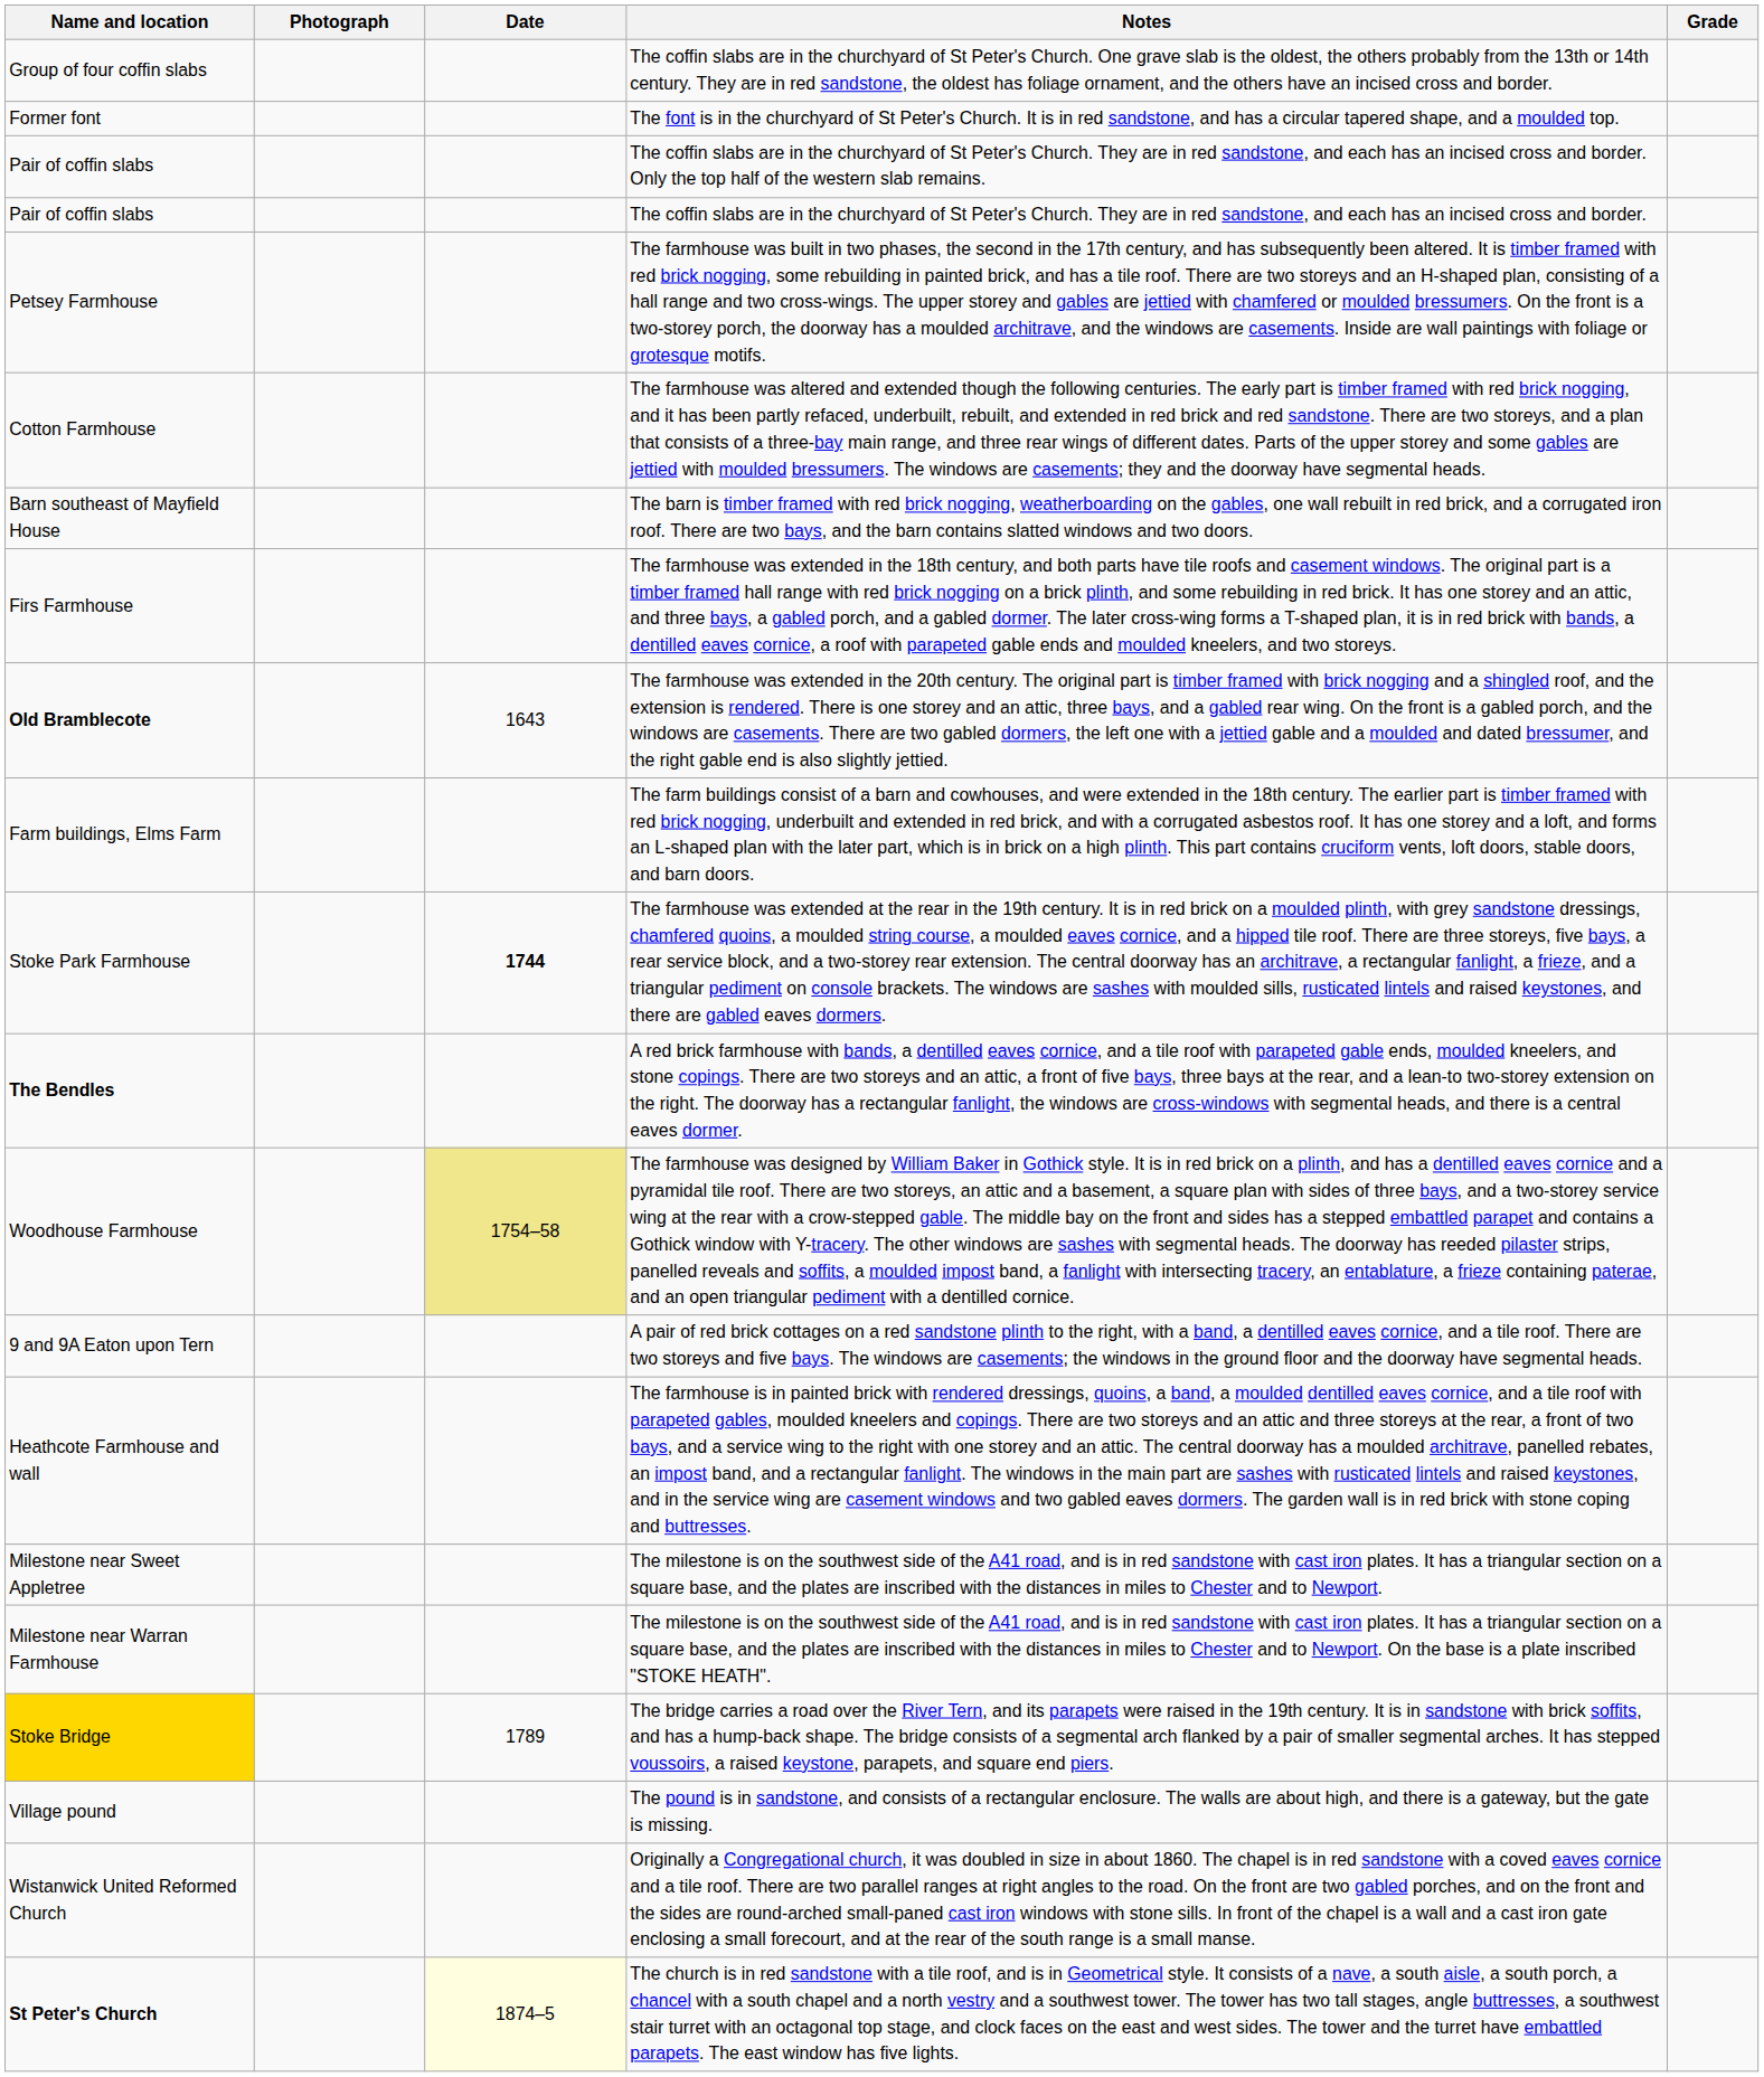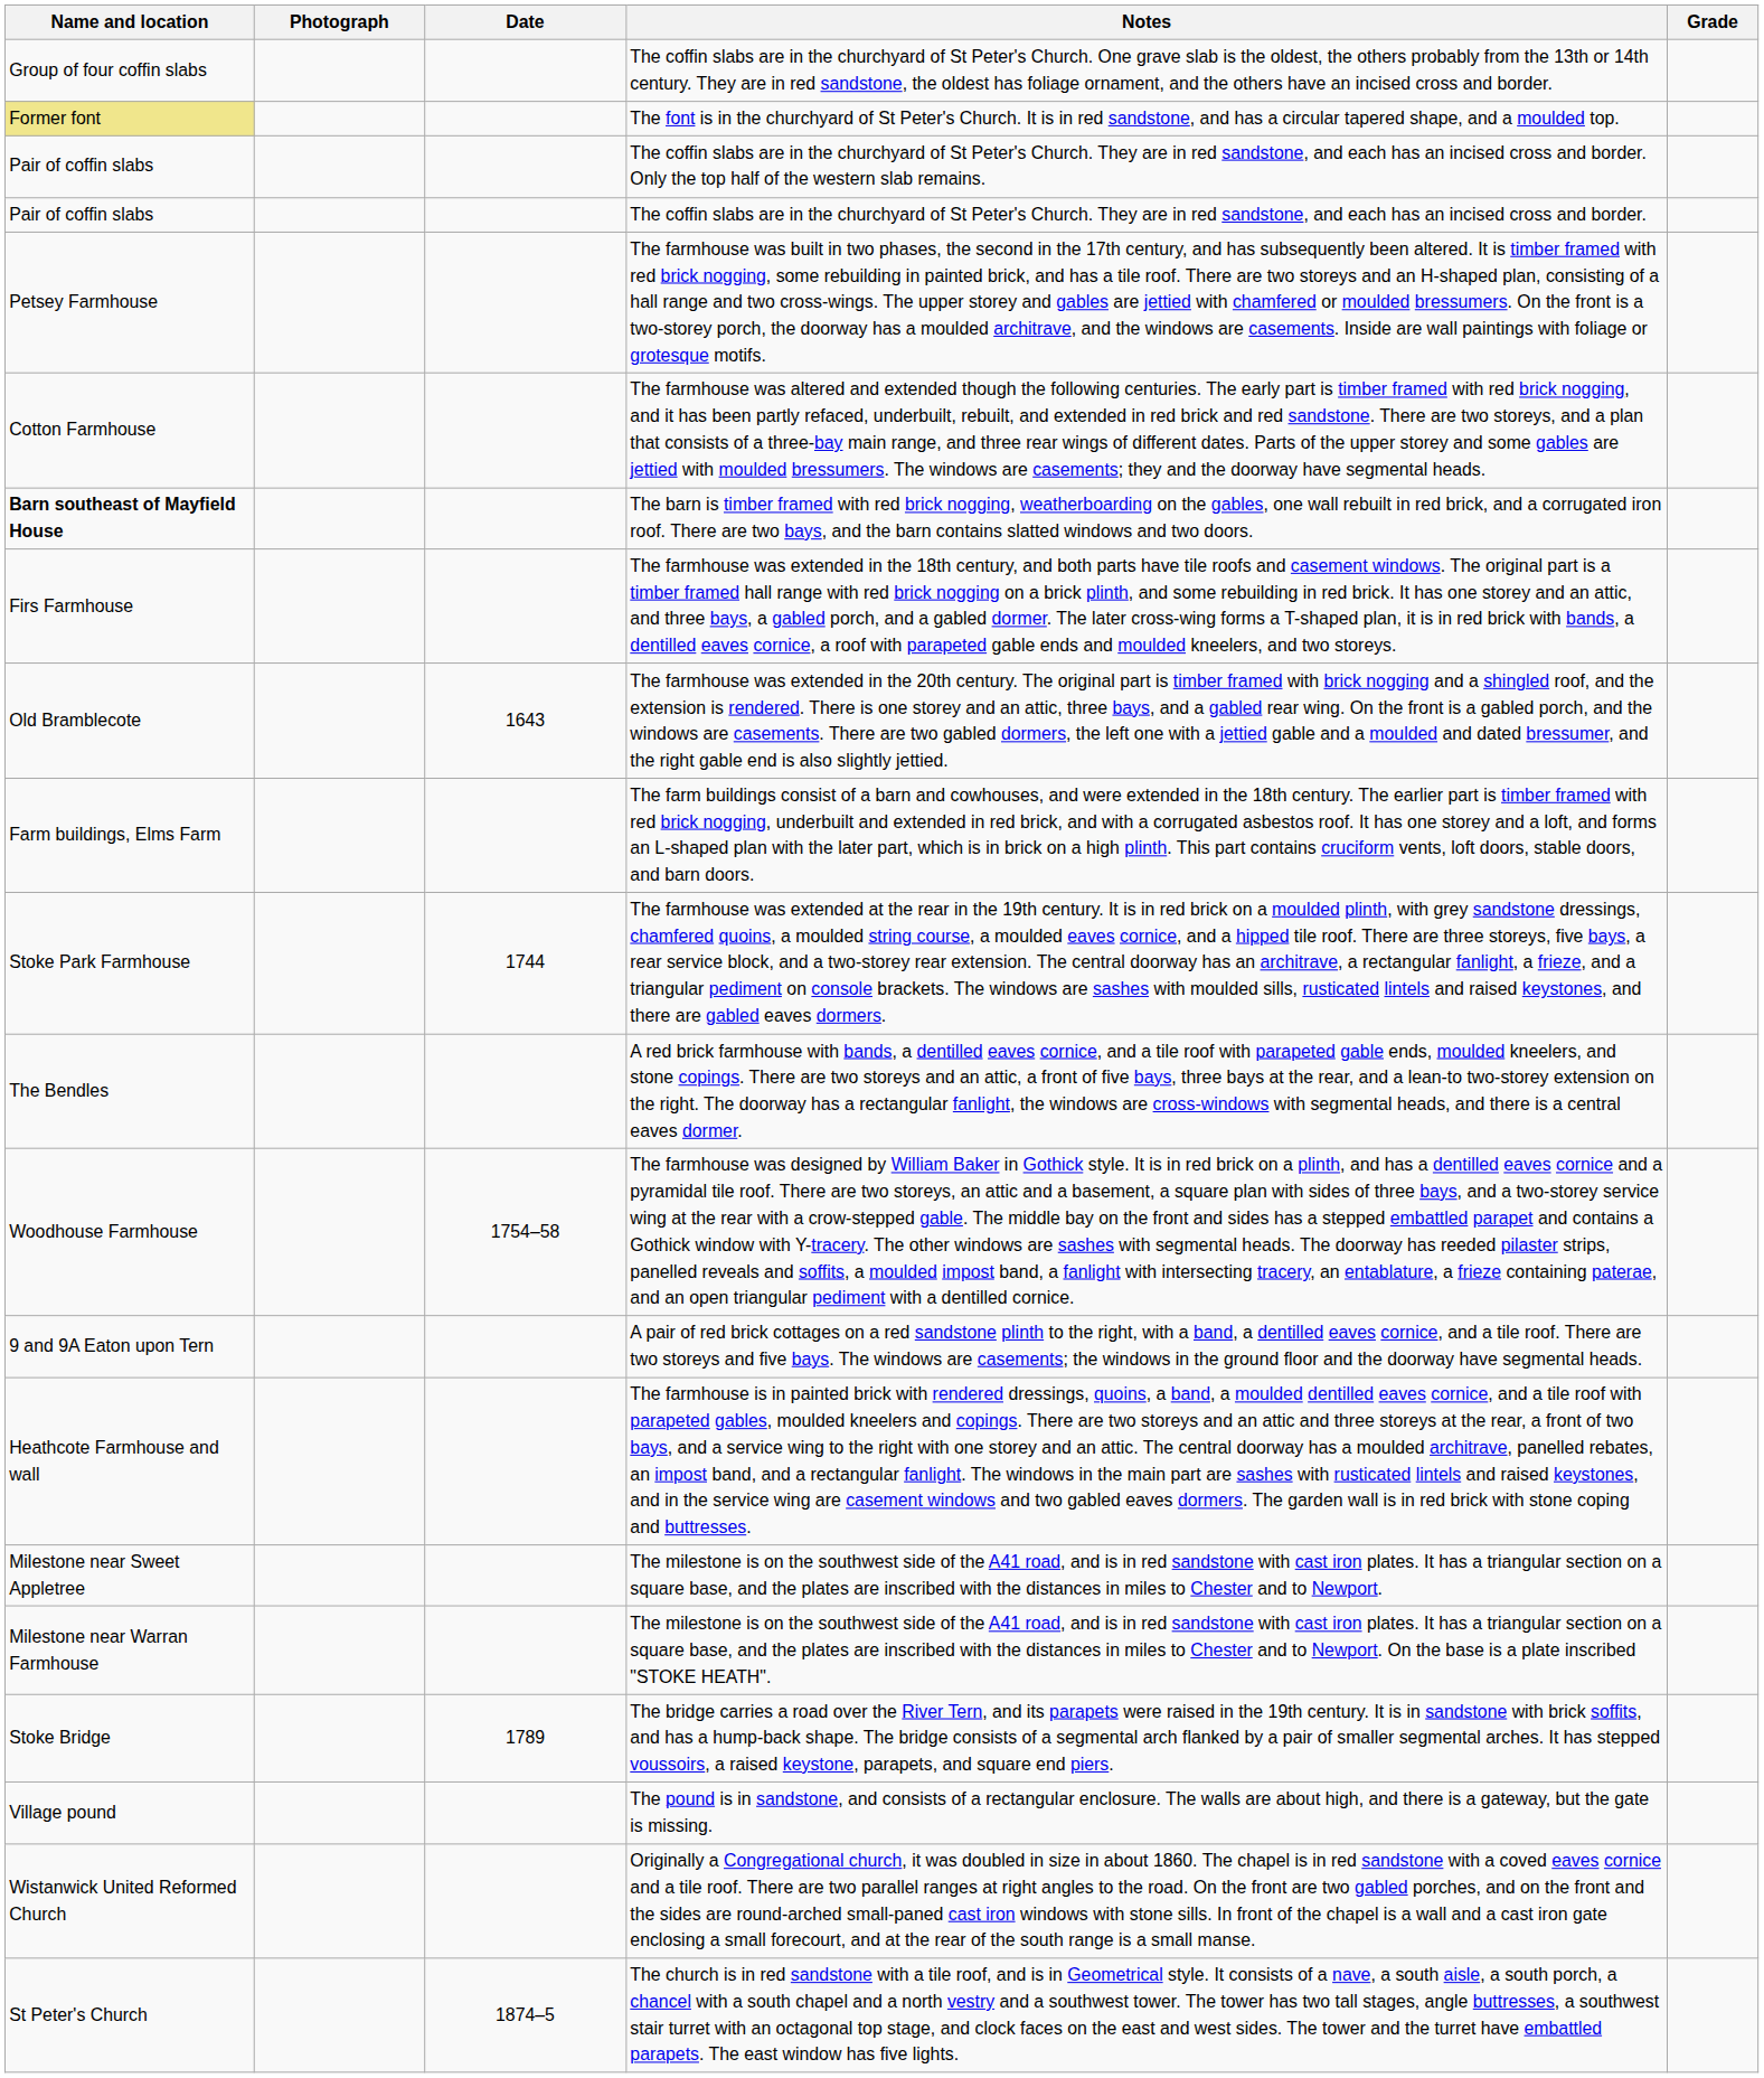 <table class="wikitable sortable plainrowheaders" style="width:100%; border:0; text-align:left; line-height:150%;">
 <tr>
 <th scope="col"  style="width:150px">Name and location</th>
 <th scope="col"  style="width:100px" class="unsortable">Photograph</th>
 <th scope="col"  style="width:120px">Date</th>
 <th scope="col"  style="width:650px" class="unsortable">Notes</th>
 <th scope="col"  style="width:50px">Grade</th>
 </tr>
 <tr>
 <td>Group of four coffin slabs<br><small></small></td>
 <td></td>
 <td align="center"></td>
 <td>The coffin slabs are in the churchyard of St Peter's Church.  One grave slab is the oldest, the others probably from the 13th or 14th century.  They are in red <a href='#'>sandstone</a>, the oldest has foliage ornament, and the others have an incised cross and border.</td>
 <td align="center" ></td>
 </tr>
 <tr>
-<td>Former font<br><small></small></td>
+<td style="background: khaki;">Former font<br><small></small></td>
 <td></td>
 <td align="center"></td>
 <td>The <a href='#'>font</a> is in the churchyard of St Peter's Church.  It is in red <a href='#'>sandstone</a>, and has a circular tapered shape, and a <a href='#'>moulded</a> top.</td>
 <td align="center" ></td>
 </tr>
 <tr>
 <td>Pair of coffin slabs<br><small></small></td>
 <td></td>
 <td align="center"></td>
 <td>The coffin slabs are in the churchyard of St Peter's Church.  They are in red <a href='#'>sandstone</a>, and each has an incised cross and border.  Only the top half of the western slab remains.</td>
 <td align="center" ></td>
 </tr>
 <tr>
 <td>Pair of coffin slabs<br><small></small></td>
 <td></td>
 <td align="center"></td>
 <td>The coffin slabs are in the churchyard of St Peter's Church.  They are in red <a href='#'>sandstone</a>, and each has an incised cross and border.</td>
 <td align="center" ></td>
 </tr>
 <tr>
 <td>Petsey Farmhouse<br><small></small></td>
 <td></td>
 <td align="center"></td>
 <td>The farmhouse was built in two phases, the second in the 17th century, and has subsequently been altered.  It is <a href='#'>timber framed</a> with red <a href='#'>brick nogging</a>, some rebuilding in painted brick, and has a tile roof.  There are two storeys and an H-shaped plan, consisting of a hall range and two cross-wings.  The upper storey and <a href='#'>gables</a> are <a href='#'>jettied</a> with <a href='#'>chamfered</a> or <a href='#'>moulded</a> <a href='#'>bressumers</a>.  On the front is a two-storey porch, the doorway has a moulded <a href='#'>architrave</a>, and the windows are <a href='#'>casements</a>.  Inside are wall paintings with foliage or <a href='#'>grotesque</a> motifs.</td>
 <td align="center" ></td>
 </tr>
 <tr>
 <td>Cotton Farmhouse<br><small></small></td>
 <td></td>
 <td align="center"></td>
 <td>The farmhouse was altered and extended though the following centuries.  The early part is <a href='#'>timber framed</a> with red <a href='#'>brick nogging</a>, and it has been partly refaced, underbuilt, rebuilt, and extended in red brick and red <a href='#'>sandstone</a>.  There are two storeys, and a plan that consists of a three-<a href='#'>bay</a> main range, and three rear wings of different dates.  Parts of the upper storey and some <a href='#'>gables</a> are <a href='#'>jettied</a> with <a href='#'>moulded</a> <a href='#'>bressumers</a>.  The windows are <a href='#'>casements</a>; they and the doorway have segmental heads.</td>
 <td align="center" ></td>
 </tr>
 <tr>
-<td>Barn southeast of Mayfield House<br><small></small></td>
+<td><strong>Barn southeast of Mayfield House<br><small></small></strong></td>
 <td></td>
 <td align="center"></td>
 <td>The barn is <a href='#'>timber framed</a> with red <a href='#'>brick nogging</a>, <a href='#'>weatherboarding</a> on the <a href='#'>gables</a>, one wall rebuilt in red brick, and a corrugated iron roof.  There are two <a href='#'>bays</a>, and the barn contains slatted windows and two doors.</td>
 <td align="center" ></td>
 </tr>
 <tr>
 <td>Firs Farmhouse<br><small></small></td>
 <td></td>
 <td align="center"></td>
 <td>The farmhouse was extended in the 18th century, and both parts have tile roofs and <a href='#'>casement windows</a>.  The original part is a <a href='#'>timber framed</a> hall range with red <a href='#'>brick nogging</a> on a brick <a href='#'>plinth</a>, and some rebuilding in red brick.  It has one storey and an attic, and three <a href='#'>bays</a>, a <a href='#'>gabled</a> porch, and a gabled <a href='#'>dormer</a>.  The later cross-wing forms a T-shaped plan, it is in red brick with <a href='#'>bands</a>, a <a href='#'>dentilled</a> <a href='#'>eaves</a> <a href='#'>cornice</a>, a roof with <a href='#'>parapeted</a> gable ends and <a href='#'>moulded</a> kneelers, and two storeys.</td>
 <td align="center" ></td>
 </tr>
 <tr>
-<td><strong>Old Bramblecote<br><small></small></strong></td>
+<td>Old Bramblecote<br><small></small></td>
 <td></td>
 <td align="center">1643</td>
 <td>The farmhouse was extended in the 20th century.  The original part is <a href='#'>timber framed</a> with <a href='#'>brick nogging</a> and a <a href='#'>shingled</a> roof, and the extension is <a href='#'>rendered</a>.  There is one storey and an attic, three <a href='#'>bays</a>, and a <a href='#'>gabled</a> rear wing.  On the front is a gabled porch, and the windows are <a href='#'>casements</a>.  There are two gabled <a href='#'>dormers</a>, the left one with a <a href='#'>jettied</a> gable and a <a href='#'>moulded</a> and dated <a href='#'>bressumer</a>, and the right gable end is also slightly jettied.</td>
 <td align="center" ></td>
 </tr>
 <tr>
 <td>Farm buildings, Elms Farm<br><small></small></td>
 <td></td>
 <td align="center"></td>
 <td>The farm buildings consist of a barn and cowhouses, and were extended in the 18th century.  The earlier part is <a href='#'>timber framed</a> with red <a href='#'>brick nogging</a>, underbuilt and extended in red brick, and with a corrugated asbestos roof.  It has one storey and a loft, and forms an L-shaped plan with the later part, which is in brick on a high <a href='#'>plinth</a>.  This part contains <a href='#'>cruciform</a> vents, loft doors, stable doors, and barn doors.</td>
 <td align="center" ></td>
 </tr>
 <tr>
 <td>Stoke Park Farmhouse<br><small></small></td>
 <td></td>
-<td align="center"><strong>1744</strong></td>
+<td align="center">1744</td>
 <td>The farmhouse was extended at the rear in the 19th century.  It is in red brick on a <a href='#'>moulded</a> <a href='#'>plinth</a>, with grey <a href='#'>sandstone</a> dressings, <a href='#'>chamfered</a> <a href='#'>quoins</a>, a moulded <a href='#'>string course</a>, a moulded <a href='#'>eaves</a> <a href='#'>cornice</a>, and a <a href='#'>hipped</a> tile roof.  There are three storeys, five <a href='#'>bays</a>, a rear service block, and a two-storey rear extension.  The central doorway has an <a href='#'>architrave</a>, a rectangular <a href='#'>fanlight</a>, a <a href='#'>frieze</a>, and a triangular <a href='#'>pediment</a> on <a href='#'>console</a> brackets.  The windows are <a href='#'>sashes</a> with moulded sills, <a href='#'>rusticated</a> <a href='#'>lintels</a> and raised <a href='#'>keystones</a>, and there are <a href='#'>gabled</a> eaves <a href='#'>dormers</a>.</td>
 <td align="center" ></td>
 </tr>
 <tr>
-<td><strong>The Bendles<br><small></small></strong></td>
+<td>The Bendles<br><small></small></td>
 <td></td>
 <td align="center"></td>
 <td>A red brick farmhouse with <a href='#'>bands</a>, a <a href='#'>dentilled</a> <a href='#'>eaves</a> <a href='#'>cornice</a>, and a tile roof with <a href='#'>parapeted</a> <a href='#'>gable</a> ends, <a href='#'>moulded</a> kneelers, and stone <a href='#'>copings</a>.  There are two storeys and an attic, a front of five <a href='#'>bays</a>, three bays at the rear, and a lean-to two-storey extension on the right.  The doorway has a rectangular <a href='#'>fanlight</a>, the windows are <a href='#'>cross-windows</a> with segmental heads, and there is a central eaves <a href='#'>dormer</a>.</td>
 <td align="center" ></td>
 </tr>
 <tr>
 <td>Woodhouse Farmhouse<br><small></small></td>
 <td></td>
-<td align="center" style="background: khaki;">1754–58</td>
+<td align="center">1754–58</td>
 <td>The farmhouse was designed by <a href='#'>William Baker</a> in <a href='#'>Gothick</a> style.  It is in red brick on a <a href='#'>plinth</a>, and has a <a href='#'>dentilled</a> <a href='#'>eaves</a> <a href='#'>cornice</a> and a pyramidal tile roof.  There are two storeys, an attic and a basement, a square plan with sides of three <a href='#'>bays</a>, and a two-storey service wing at the rear with a crow-stepped <a href='#'>gable</a>.  The middle bay on the front and sides has a stepped <a href='#'>embattled</a> <a href='#'>parapet</a> and contains a Gothick window with Y-<a href='#'>tracery</a>.  The other windows are <a href='#'>sashes</a> with segmental heads.  The doorway has reeded <a href='#'>pilaster</a> strips, panelled reveals and <a href='#'>soffits</a>, a <a href='#'>moulded</a> <a href='#'>impost</a> band, a <a href='#'>fanlight</a> with intersecting <a href='#'>tracery</a>, an <a href='#'>entablature</a>, a <a href='#'>frieze</a> containing <a href='#'>paterae</a>, and an open triangular <a href='#'>pediment</a> with a dentilled cornice.</td>
 <td align="center" ></td>
 </tr>
 <tr>
 <td>9 and 9A Eaton upon Tern<br><small></small></td>
 <td></td>
 <td align="center"></td>
 <td>A pair of red brick cottages on a red <a href='#'>sandstone</a> <a href='#'>plinth</a> to the right, with a <a href='#'>band</a>, a <a href='#'>dentilled</a> <a href='#'>eaves</a> <a href='#'>cornice</a>, and a tile roof.  There are two storeys and five <a href='#'>bays</a>.  The windows are <a href='#'>casements</a>; the windows in the ground floor and the doorway have segmental heads.</td>
 <td align="center" ></td>
 </tr>
 <tr>
 <td>Heathcote Farmhouse and wall<br><small></small></td>
 <td></td>
 <td align="center"></td>
 <td>The farmhouse is in painted brick with <a href='#'>rendered</a> dressings, <a href='#'>quoins</a>, a <a href='#'>band</a>, a <a href='#'>moulded</a> <a href='#'>dentilled</a> <a href='#'>eaves</a> <a href='#'>cornice</a>, and a tile roof with <a href='#'>parapeted</a> <a href='#'>gables</a>, moulded kneelers and <a href='#'>copings</a>.  There are two storeys and an attic and three storeys at the rear, a front of two <a href='#'>bays</a>, and a service wing to the right with one storey and an attic.  The central doorway has a moulded <a href='#'>architrave</a>, panelled rebates, an <a href='#'>impost</a> band, and a rectangular <a href='#'>fanlight</a>.  The windows in the main part are <a href='#'>sashes</a> with <a href='#'>rusticated</a> <a href='#'>lintels</a> and raised <a href='#'>keystones</a>, and in the service wing are <a href='#'>casement windows</a> and two gabled eaves <a href='#'>dormers</a>.  The garden wall is in red brick with stone coping and <a href='#'>buttresses</a>.</td>
 <td align="center" ></td>
 </tr>
 <tr>
 <td>Milestone near Sweet Appletree<br><small></small></td>
 <td></td>
 <td align="center"></td>
 <td>The milestone is on the southwest side of the <a href='#'>A41 road</a>, and is in red <a href='#'>sandstone</a> with <a href='#'>cast iron</a> plates.  It has a triangular section on a square base, and the plates are inscribed with the distances in miles to <a href='#'>Chester</a> and to <a href='#'>Newport</a>.</td>
 <td align="center" ></td>
 </tr>
 <tr>
 <td>Milestone near Warran Farmhouse<br><small></small></td>
 <td></td>
 <td align="center"></td>
 <td>The milestone is on the southwest side of the <a href='#'>A41 road</a>, and is in red <a href='#'>sandstone</a> with <a href='#'>cast iron</a> plates.  It has a triangular section on a square base, and the plates are inscribed with the distances in miles to <a href='#'>Chester</a> and to <a href='#'>Newport</a>.  On the base is a plate inscribed "STOKE HEATH".</td>
 <td align="center" ></td>
 </tr>
 <tr>
-<td style="background: gold;">Stoke Bridge<br><small></small></td>
+<td>Stoke Bridge<br><small></small></td>
 <td></td>
 <td align="center">1789</td>
 <td>The bridge carries a road over the <a href='#'>River Tern</a>, and its <a href='#'>parapets</a> were raised in the 19th century.  It is in <a href='#'>sandstone</a> with brick <a href='#'>soffits</a>, and has a hump-back shape.  The bridge consists of a segmental arch flanked by a pair of smaller segmental arches.  It has stepped <a href='#'>voussoirs</a>, a raised <a href='#'>keystone</a>, parapets, and square end <a href='#'>piers</a>.</td>
 <td align="center" ></td>
 </tr>
 <tr>
 <td>Village pound<br><small></small></td>
 <td></td>
 <td align="center"></td>
 <td>The <a href='#'>pound</a> is in <a href='#'>sandstone</a>, and consists of a rectangular enclosure.  The walls are about  high, and there is a gateway, but the gate is missing.</td>
 <td align="center" ></td>
 </tr>
 <tr>
 <td>Wistanwick United Reformed Church<br><small></small></td>
 <td></td>
 <td align="center"></td>
 <td>Originally a <a href='#'>Congregational church</a>, it was doubled in size in about 1860.  The chapel is in red <a href='#'>sandstone</a> with a coved <a href='#'>eaves</a> <a href='#'>cornice</a> and a tile roof.  There are two parallel ranges at right angles to the road.  On the front are two <a href='#'>gabled</a> porches, and on the front and the sides are round-arched small-paned <a href='#'>cast iron</a> windows with stone sills.  In front of the chapel is a wall and a cast iron gate enclosing a small forecourt, and at the rear of the south range is a small manse.</td>
 <td align="center" ></td>
 </tr>
 <tr>
-<td><strong>St Peter's Church<br><small></small></strong></td>
+<td>St Peter's Church<br><small></small></td>
 <td></td>
-<td align="center" style="background: lightyellow;">1874–5</td>
+<td align="center">1874–5</td>
 <td>The church is in red <a href='#'>sandstone</a> with a tile roof, and is in <a href='#'>Geometrical</a> style.  It consists of a <a href='#'>nave</a>, a south <a href='#'>aisle</a>, a south porch, a <a href='#'>chancel</a> with a south chapel and a north <a href='#'>vestry</a> and a southwest tower.  The tower has two tall stages, angle <a href='#'>buttresses</a>, a southwest stair turret with an octagonal top stage, and clock faces on the east and west sides.  The tower and the turret have <a href='#'>embattled</a> <a href='#'>parapets</a>.  The east window has five lights.</td>
 <td align="center" ></td>
 </tr>
 <tr>
 </tr>
 </table>
